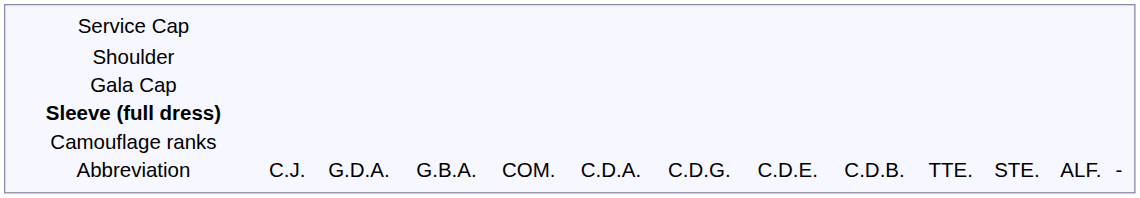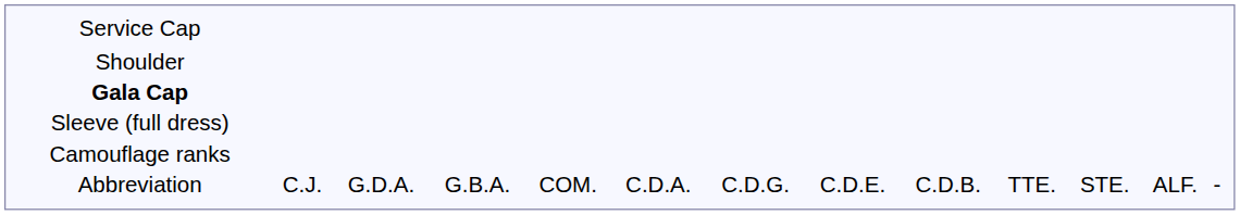 <table style="border:1px solid #8888aa; background-color:#f7f8ff; padding:5px; font-size:100%; margin: 0px 12px 12px 0px;width:100%">
 <tr align=center>
 <td>Service Cap</td>
 <td colspan=2></td>
 <td colspan=8></td>
 <td colspan=4></td>
 <td colspan=10></td>
 </tr>
 <tr align=center>
 </tr>
 <tr align=center>
 <td>Shoulder</td>
 <td colspan=2 rowspan=5></td>
 <td colspan=2></td>
 <td colspan=2></td>
 <td colspan=2></td>
 <td colspan=2></td>
 <td colspan=2></td>
 <td colspan=2></td>
 <td colspan=2></td>
 <td colspan=2></td>
 <td colspan=2></td>
 <td colspan=2></td>
 <td colspan=2></td>
 <td colspan=12></td>
 </tr>
 <tr align=center>
-<td>Gala Cap</td>
+<td><strong>Gala Cap</strong></td>
 <td colspan=8></td>
 <td colspan=4></td>
 <td colspan=10></td>
 </tr>
 <tr align=center>
-<td><strong>Sleeve (full dress)</strong></td>
+<td>Sleeve (full dress)</td>
 <td colspan=2></td>
 <td colspan=2></td>
 <td colspan=2></td>
 <td colspan=2></td>
 <td colspan=2></td>
 <td colspan=2></td>
 <td colspan=2></td>
 <td colspan=2></td>
 <td colspan=2></td>
 <td colspan=2></td>
 <td colspan=2></td>
 </tr>
 <tr align=center>
 <td>Camouflage ranks</td>
 <td colspan=2></td>
 <td colspan=2></td>
 <td colspan=2></td>
 <td colspan=2></td>
 <td colspan=2></td>
 <td colspan=2></td>
 <td colspan=2></td>
 <td colspan=2></td>
 <td colspan=2></td>
 <td colspan=2></td>
 <td colspan=2></td>
 </tr>
 <tr align="center">
 <td>Abbreviation</td>
 <td colspan=2>C.J.</td>
 <td colspan=2>G.D.A.</td>
 <td colspan=2>G.B.A.</td>
 <td colspan=2>COM.</td>
 <td colspan=2>C.D.A.</td>
 <td colspan=2>C.D.G.</td>
 <td colspan=2>C.D.E.</td>
 <td colspan=2>C.D.B.</td>
 <td colspan=2>TTE.</td>
 <td colspan=2>STE.</td>
 <td colspan=2>ALF.</td>
 <td colspan=12>-</td>
 </tr>
 </table>
